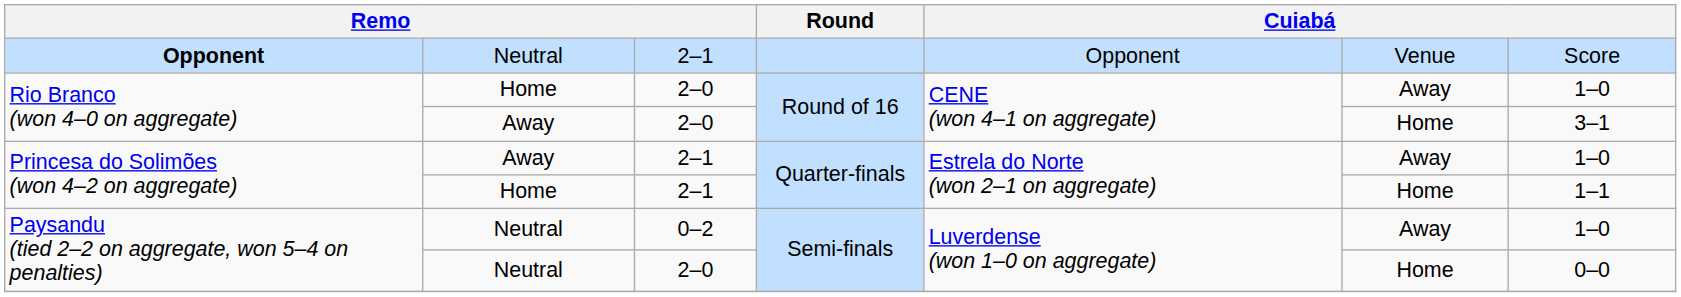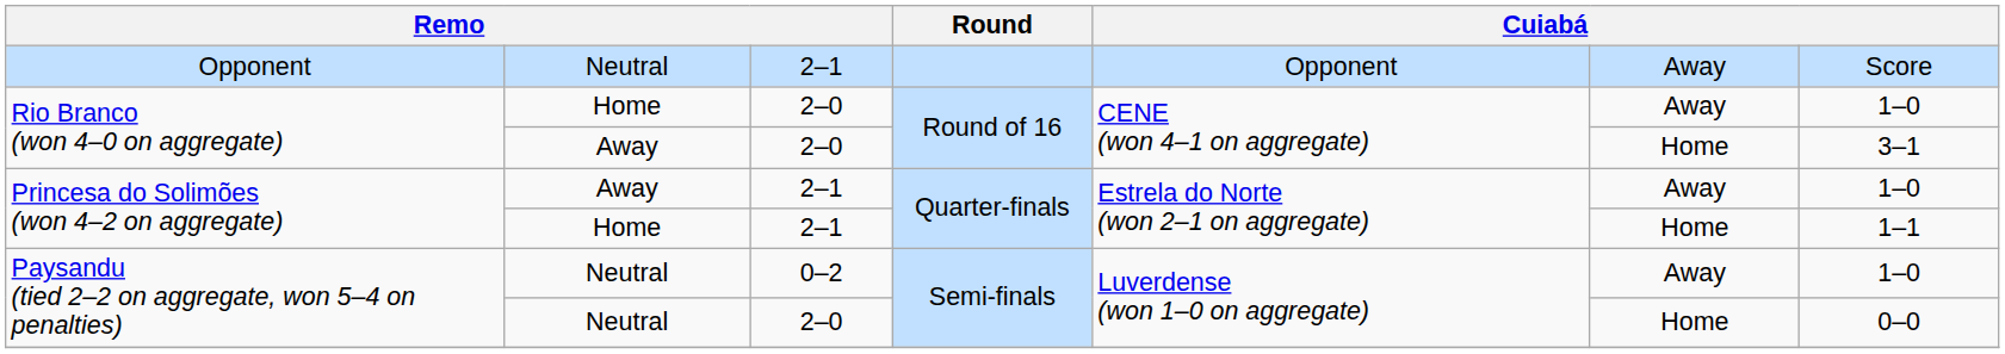 <table class="wikitable" style="text-align: center;">
 <tr>
 <th colspan=3> <a href='#'>Remo</a></th>
 <th>Round</th>
 <th colspan=3> <a href='#'>Cuiabá</a></th>
 </tr>
 <tr bgcolor=#c1e0ff>
-<td width=25%><strong>Opponent</strong></td>
+<td width=25%>Opponent</td>
 <td>Neutral</td>
 <td>2–1</td>
 <td width=10%></td>
 <td width=25%>Opponent</td>
-<td width=10%>Venue</td>
+<td>Away</td>
 <td width=10%>Score</td>
 </tr>
 <tr>
 <td rowspan=2 align=left> <a href='#'>Rio Branco</a><br><em>(won 4–0 on aggregate)</em></td>
 <td>Home</td>
 <td>2–0</td>
 <td rowspan=2 bgcolor=#c1e0ff>Round of 16</td>
 <td rowspan=2 align=left> <a href='#'>CENE</a><br><em>(won 4–1 on aggregate)</em></td>
 <td>Away</td>
 <td>1–0</td>
 </tr>
 <tr>
 <td>Away</td>
 <td>2–0</td>
 <td>Home</td>
 <td>3–1</td>
 </tr>
 <tr>
 <td rowspan=2 align=left> <a href='#'>Princesa do Solimões</a><br><em>(won 4–2 on aggregate)</em></td>
 <td>Away</td>
 <td>2–1</td>
 <td rowspan=2 bgcolor=#c1e0ff>Quarter-finals</td>
 <td rowspan=2 align=left> <a href='#'>Estrela do Norte</a><br><em>(won 2–1 on aggregate)</em></td>
 <td>Away</td>
 <td>1–0</td>
 </tr>
 <tr>
 <td>Home</td>
 <td>2–1</td>
 <td>Home</td>
 <td>1–1</td>
 </tr>
 <tr>
 <td rowspan=2 align=left> <a href='#'>Paysandu</a><br><em>(tied 2–2 on aggregate, won 5–4 on penalties)</em></td>
 <td>Neutral</td>
 <td>0–2</td>
 <td rowspan=2 bgcolor=#c1e0ff>Semi-finals</td>
 <td rowspan=2 align=left> <a href='#'>Luverdense</a><br><em>(won 1–0 on aggregate)</em></td>
 <td>Away</td>
 <td>1–0</td>
 </tr>
 <tr>
 <td>Neutral</td>
 <td>2–0</td>
 <td>Home</td>
 <td>0–0</td>
 </tr>
 <tr>
 </tr>
 </table>
